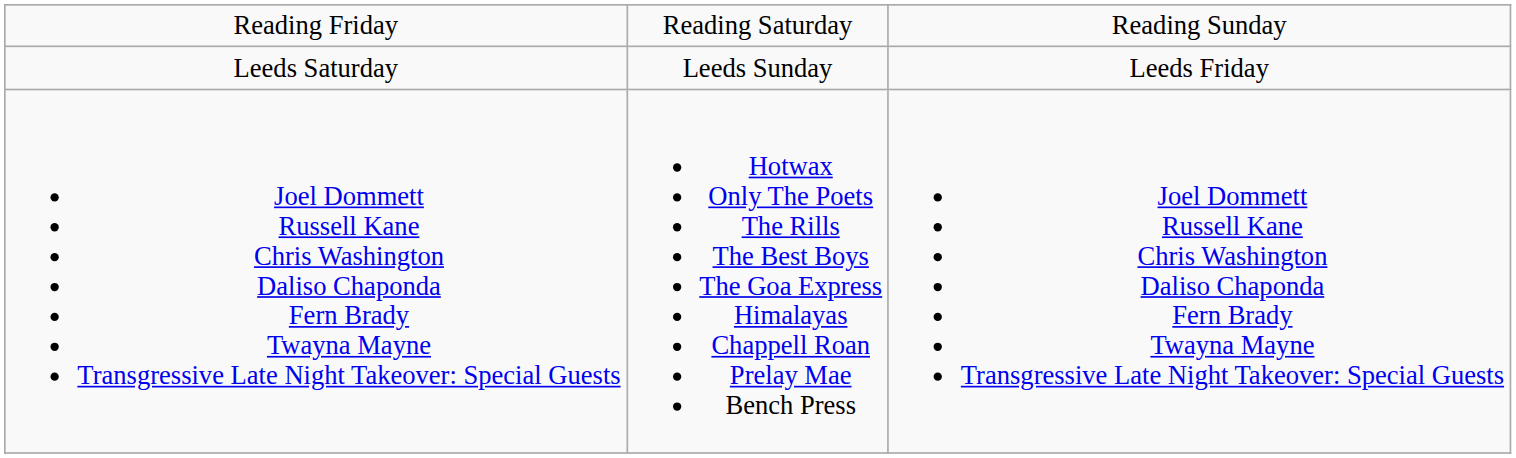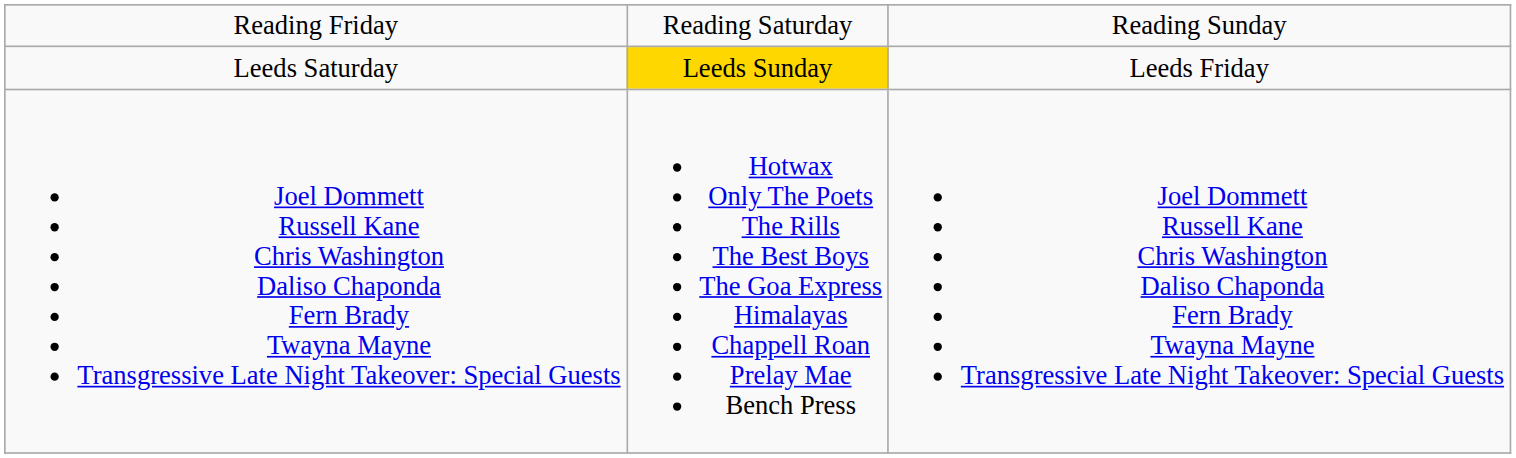 <table class="wikitable" style="text-align:center;">
 <tr>
 <td>Reading Friday</td>
 <td>Reading Saturday</td>
 <td>Reading Sunday</td>
 </tr>
 <tr>
 <td>Leeds Saturday</td>
-<td>Leeds Sunday</td>
+<td style="background: gold;">Leeds Sunday</td>
 <td>Leeds Friday</td>
 </tr>
 <tr>
 <td><br><ul><li><a href='#'>Joel Dommett</a></li><li><a href='#'>Russell Kane</a></li><li><a href='#'>Chris Washington</a></li><li><a href='#'>Daliso Chaponda</a></li><li><a href='#'>Fern Brady</a></li><li><a href='#'>Twayna Mayne</a></li><li><a href='#'>Transgressive Late Night Takeover: Special Guests</a></li></ul></td>
 <td><br><ul><li><a href='#'>Hotwax</a></li><li><a href='#'>Only The Poets</a></li><li><a href='#'>The Rills</a></li><li><a href='#'>The Best Boys</a></li><li><a href='#'>The Goa Express</a></li><li><a href='#'>Himalayas</a></li><li><a href='#'>Chappell Roan</a></li><li><a href='#'>Prelay Mae</a></li><li>Bench Press</li></ul></td>
 <td><br><ul><li><a href='#'>Joel Dommett</a></li><li><a href='#'>Russell Kane</a></li><li><a href='#'>Chris Washington</a></li><li><a href='#'>Daliso Chaponda</a></li><li><a href='#'>Fern Brady</a></li><li><a href='#'>Twayna Mayne</a></li><li><a href='#'>Transgressive Late Night Takeover: Special Guests</a></li></ul></td>
 </tr>
 </table>
